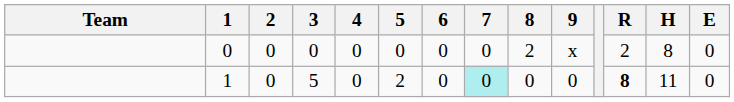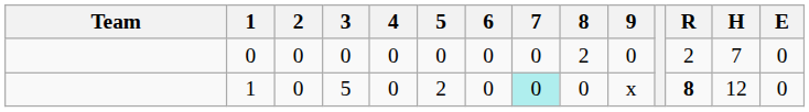 <table border=1 cellspacing=0 width=600 style="margin-left:3em;" class="wikitable">
 <tr style="text-align:center; background-color:#e6e6e6;">
 <th align=left width=28%>Team</th>
 <th width=6%>1</th>
 <th width=6%>2</th>
 <th width=6%>3</th>
 <th width=6%>4</th>
 <th width=6%>5</th>
 <th width=6%>6</th>
 <th width=6%>7</th>
 <th width=6%>8</th>
 <th width=6%>9</th>
 <th rowspan="3" width=0.5%></th>
 <th width=6%>R</th>
 <th width=6%>H</th>
 <th width=6%>E</th>
 </tr>
 <tr style="text-align:center;">
 <td align=left></td>
 <td>0</td>
 <td>0</td>
 <td>0</td>
 <td>0</td>
 <td>0</td>
 <td>0</td>
 <td>0</td>
 <td>2</td>
-<td>x</td>
+<td>0</td>
 <td>2</td>
-<td>8</td>
+<td>7</td>
 <td>0</td>
 </tr>
 <tr style="text-align:center;">
 <td align=left></td>
 <td>1</td>
 <td>0</td>
 <td>5</td>
 <td>0</td>
 <td>2</td>
 <td>0</td>
 <td style="background: paleturquoise;">0</td>
 <td>0</td>
-<td>0</td>
+<td>x</td>
 <td><strong>8</strong></td>
-<td>11</td>
+<td>12</td>
 <td>0</td>
 </tr>
 </table>
